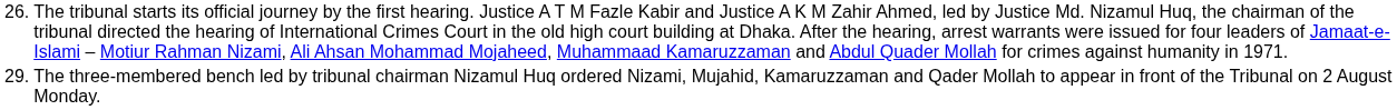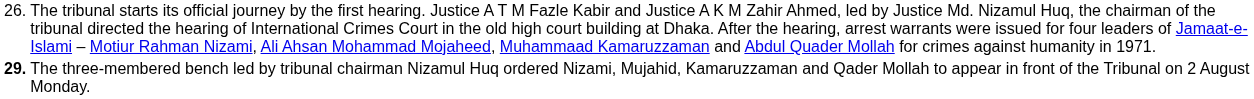 <table>
 <tr valign=top>
 <td>26.</td>
 <td>The tribunal starts its official journey by the first hearing. Justice A T M Fazle Kabir and Justice A K M Zahir Ahmed, led by Justice Md. Nizamul Huq, the chairman of the tribunal directed the hearing of International Crimes Court in the old high court building at Dhaka. After the hearing, arrest warrants were issued for four leaders of <a href='#'>Jamaat-e-Islami</a> – <a href='#'>Motiur Rahman Nizami</a>, <a href='#'>Ali Ahsan Mohammad Mojaheed</a>, <a href='#'>Muhammaad Kamaruzzaman</a> and <a href='#'>Abdul Quader Mollah</a> for crimes against humanity in 1971.</td>
 </tr>
 <tr valign=top>
-<td>29.</td>
+<td><strong>29.</strong></td>
 <td>The three-membered bench led by tribunal chairman Nizamul Huq ordered Nizami, Mujahid, Kamaruzzaman and Qader Mollah to appear in front of the Tribunal on 2 August Monday.</td>
 </tr>
 </table>
